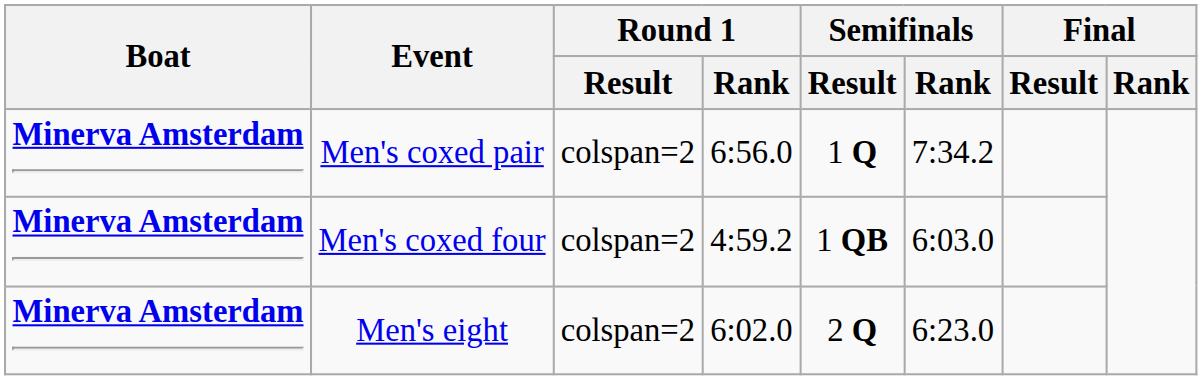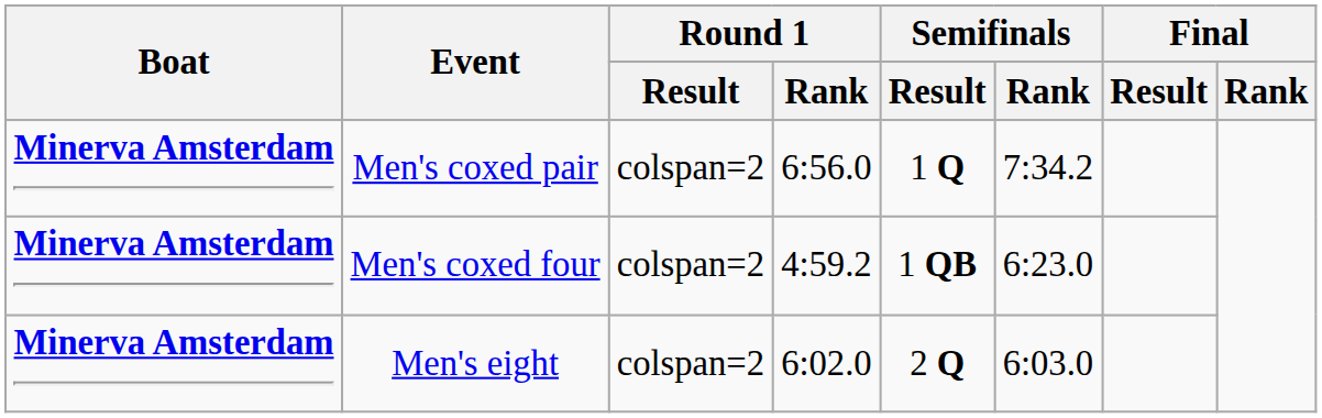 <table class=wikitable>
 <tr>
 <th rowspan=2>Boat</th>
 <th rowspan=2>Event</th>
 <th colspan=2>Round 1</th>
 <th colspan=2>Semifinals</th>
 <th colspan=2>Final</th>
 </tr>
 <tr>
 <th>Result</th>
 <th>Rank</th>
 <th>Result</th>
 <th>Rank</th>
 <th>Result</th>
 <th>Rank</th>
 </tr>
 <tr align=center>
 <td align=left><strong><a href='#'>Minerva Amsterdam</a> <hr> </strong></td>
 <td><a href='#'>Men's coxed pair</a></td>
 <td>colspan=2 </td>
 <td>6:56.0</td>
 <td>1 <strong>Q</strong></td>
 <td>7:34.2</td>
 <td></td>
 </tr>
 <tr align=center>
 <td align=left><strong><a href='#'>Minerva Amsterdam</a> <hr> </strong></td>
 <td><a href='#'>Men's coxed four</a></td>
 <td>colspan=2 </td>
 <td>4:59.2</td>
 <td>1 <strong>QB</strong></td>
-<td>6:03.0</td>
+<td>6:23.0</td>
 <td></td>
 </tr>
 <tr align=center>
 <td align=left><strong><a href='#'>Minerva Amsterdam</a> <hr> </strong></td>
 <td><a href='#'>Men's eight</a></td>
 <td>colspan=2 </td>
 <td>6:02.0</td>
 <td>2 <strong>Q</strong></td>
-<td>6:23.0</td>
+<td>6:03.0</td>
 <td></td>
 </tr>
 </table>
